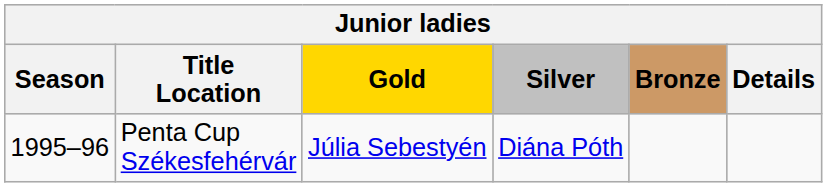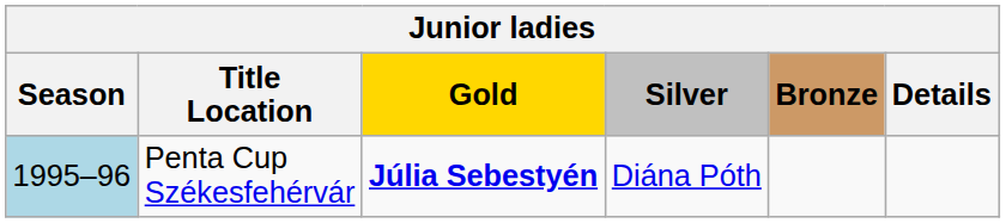 <table class="wikitable">
 <tr>
 <th colspan=6>Junior ladies</th>
 </tr>
 <tr>
 <th>Season</th>
 <th>Title <br>Location</th>
 <td align=center bgcolor=gold><strong>Gold</strong></td>
 <td align=center bgcolor=silver><strong>Silver</strong></td>
 <td align=center bgcolor=cc9966><strong>Bronze</strong></td>
 <th>Details</th>
 </tr>
 <tr>
-<td>1995–96</td>
+<td style="background: lightblue;">1995–96</td>
 <td>Penta Cup <br><a href='#'>Székesfehérvár</a></td>
-<td> <a href='#'>Júlia Sebestyén</a></td>
+<td><strong> <a href='#'>Júlia Sebestyén</a></strong></td>
 <td> <a href='#'>Diána Póth</a></td>
 <td></td>
 <td></td>
 </tr>
 </table>
